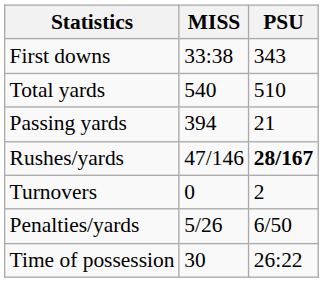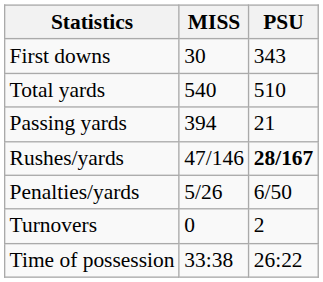 <table class="wikitable" style="float: left;">
 <tr>
 <th>Statistics</th>
 <th>MISS</th>
 <th>PSU</th>
 </tr>
 <tr>
 <td>First downs</td>
-<td>33:38</td>
+<td>30</td>
 <td>343</td>
 </tr>
 <tr>
 <td>Total yards</td>
 <td>540</td>
 <td>510</td>
 </tr>
 <tr>
 <td>Passing yards</td>
 <td>394</td>
 <td>21</td>
 </tr>
 <tr>
 <td>Rushes/yards</td>
 <td>47/146</td>
 <td><strong>28/167</strong></td>
 </tr>
 <tr>
+<td>Penalties/yards</td>
+<td>5/26</td>
+<td>6/50</td>
+</tr>
+<tr>
 <td>Turnovers</td>
 <td>0</td>
 <td>2</td>
 </tr>
 <tr>
-<td>Penalties/yards</td>
-<td>5/26</td>
-<td>6/50</td>
-</tr>
-<tr>
 <td>Time of possession</td>
-<td>30</td>
+<td>33:38</td>
 <td>26:22</td>
 </tr>
 </table>
